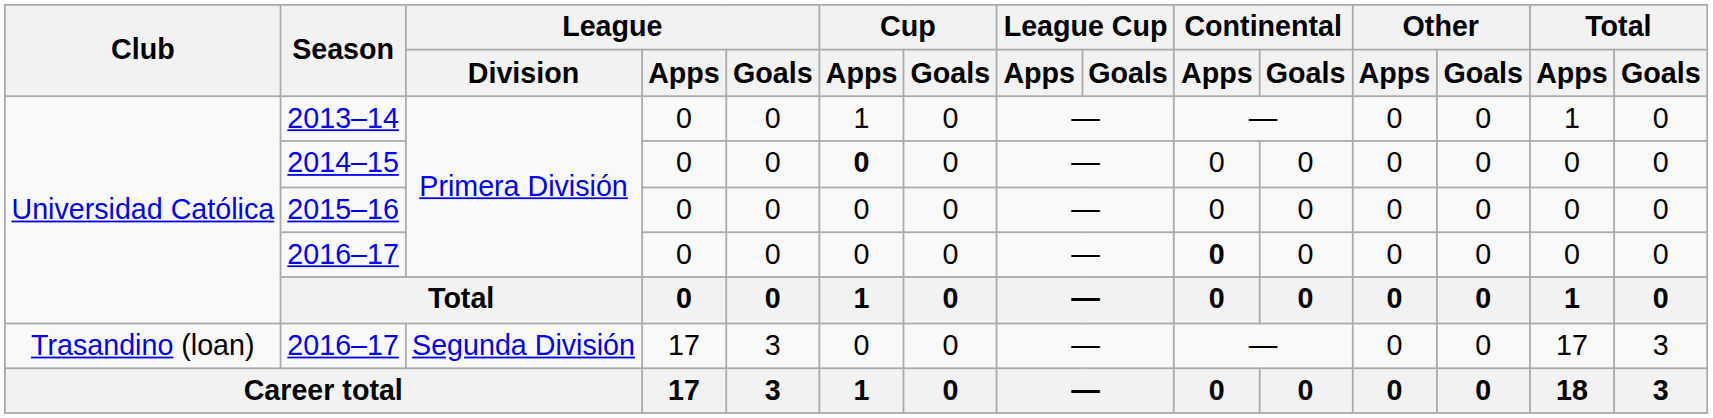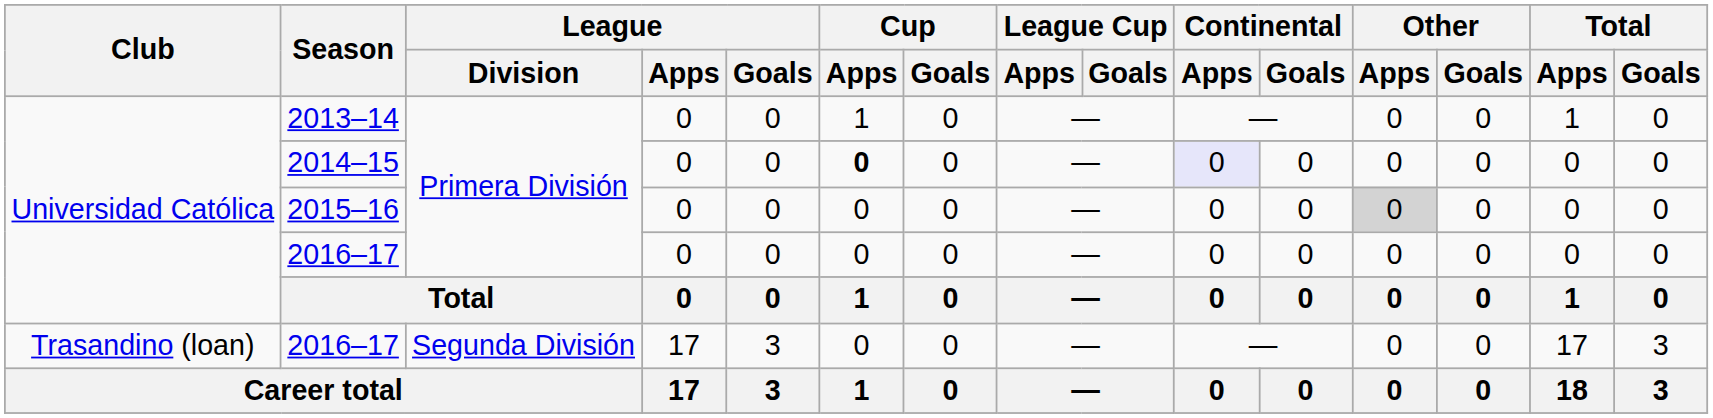 <table class="wikitable" style="text-align:center">
 <tr>
 <th rowspan="2">Club</th>
 <th rowspan="2">Season</th>
 <th colspan="3">League</th>
 <th colspan="2">Cup</th>
 <th colspan="2">League Cup</th>
 <th colspan="2">Continental</th>
 <th colspan="2">Other</th>
 <th colspan="2">Total</th>
 </tr>
 <tr>
 <th>Division</th>
 <th>Apps</th>
 <th>Goals</th>
 <th>Apps</th>
 <th>Goals</th>
 <th>Apps</th>
 <th>Goals</th>
 <th>Apps</th>
 <th>Goals</th>
 <th>Apps</th>
 <th>Goals</th>
 <th>Apps</th>
 <th>Goals</th>
 </tr>
 <tr>
 <td rowspan="5"><a href='#'>Universidad Católica</a></td>
 <td><a href='#'>2013–14</a></td>
 <td rowspan="4"><a href='#'>Primera División</a></td>
 <td>0</td>
 <td>0</td>
 <td>1</td>
 <td>0</td>
 <td colspan="2">—</td>
 <td colspan="2">—</td>
 <td>0</td>
 <td>0</td>
 <td>1</td>
 <td>0</td>
 </tr>
 <tr>
 <td><a href='#'>2014–15</a></td>
 <td>0</td>
 <td>0</td>
 <td><strong>0</strong></td>
 <td>0</td>
 <td colspan="2">—</td>
-<td>0</td>
+<td style="background: lavender;">0</td>
 <td>0</td>
 <td>0</td>
 <td>0</td>
 <td>0</td>
 <td>0</td>
 </tr>
 <tr>
 <td><a href='#'>2015–16</a></td>
 <td>0</td>
 <td>0</td>
 <td>0</td>
 <td>0</td>
 <td colspan="2">—</td>
 <td>0</td>
 <td>0</td>
-<td>0</td>
+<td style="background: lightgrey;">0</td>
 <td>0</td>
 <td>0</td>
 <td>0</td>
 </tr>
 <tr>
 <td><a href='#'>2016–17</a></td>
 <td>0</td>
 <td>0</td>
 <td>0</td>
 <td>0</td>
 <td colspan="2">—</td>
-<td><strong>0</strong></td>
+<td>0</td>
 <td>0</td>
 <td>0</td>
 <td>0</td>
 <td>0</td>
 <td>0</td>
 </tr>
 <tr>
 <th colspan="2">Total</th>
 <th>0</th>
 <th>0</th>
 <th>1</th>
 <th>0</th>
 <th colspan="2">—</th>
 <th>0</th>
 <th>0</th>
 <th>0</th>
 <th>0</th>
 <th>1</th>
 <th>0</th>
 </tr>
 <tr>
 <td rowspan="1"><a href='#'>Trasandino</a> (loan)</td>
 <td><a href='#'>2016–17</a></td>
 <td rowspan="1"><a href='#'>Segunda División</a></td>
 <td>17</td>
 <td>3</td>
 <td>0</td>
 <td>0</td>
 <td colspan="2">—</td>
 <td colspan="2">—</td>
 <td>0</td>
 <td>0</td>
 <td>17</td>
 <td>3</td>
 </tr>
 <tr>
 <th colspan="3">Career total</th>
 <th>17</th>
 <th>3</th>
 <th>1</th>
 <th>0</th>
 <th colspan="2">—</th>
 <th>0</th>
 <th>0</th>
 <th>0</th>
 <th>0</th>
 <th>18</th>
 <th>3</th>
 </tr>
 </table>
